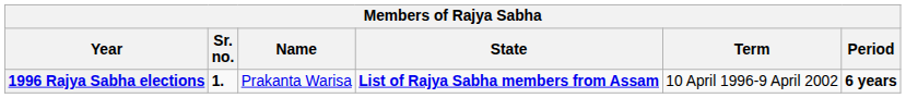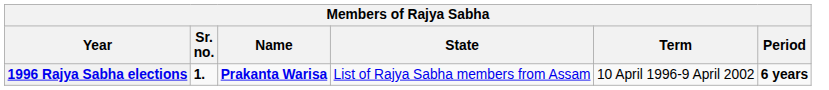 <table class="wikitable sortable">
 <tr>
 <th colspan="6">Members of Rajya Sabha</th>
 </tr>
 <tr>
 <th>Year</th>
 <th>Sr.<br>no.</th>
 <th>Name</th>
 <th>State</th>
 <th>Term</th>
 <th>Period</th>
 </tr>
 <tr>
 <th><a href='#'>1996 Rajya Sabha elections</a></th>
 <td><strong>1.</strong></td>
-<td><a href='#'>Prakanta Warisa</a></td>
-<td><strong><a href='#'>List of Rajya Sabha members from Assam</a></strong></td>
+<td><strong><a href='#'>Prakanta Warisa</a></strong></td>
+<td><a href='#'>List of Rajya Sabha members from Assam</a></td>
 <td>10 April 1996-9 April 2002</td>
 <td><strong>6 years</strong></td>
 </tr>
 </table>
